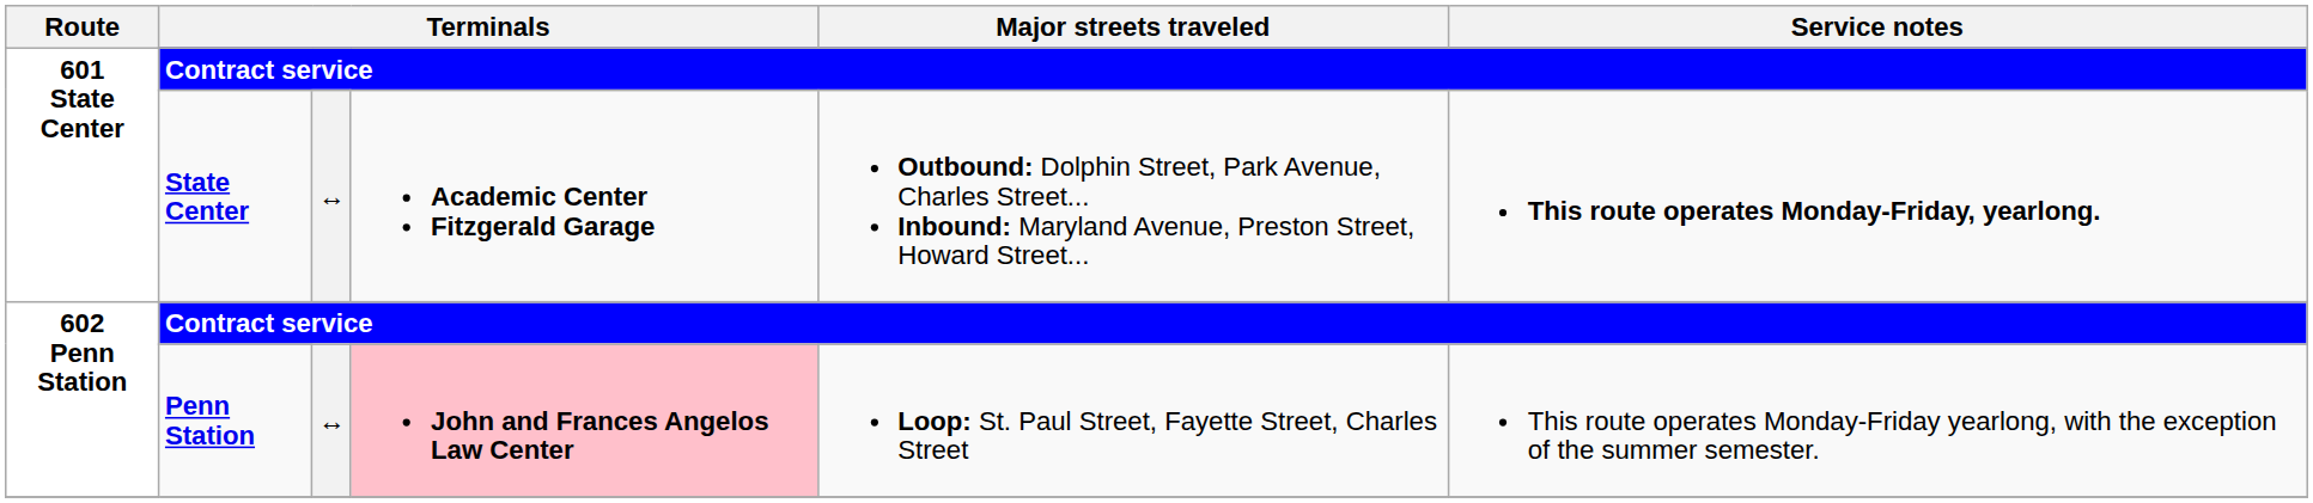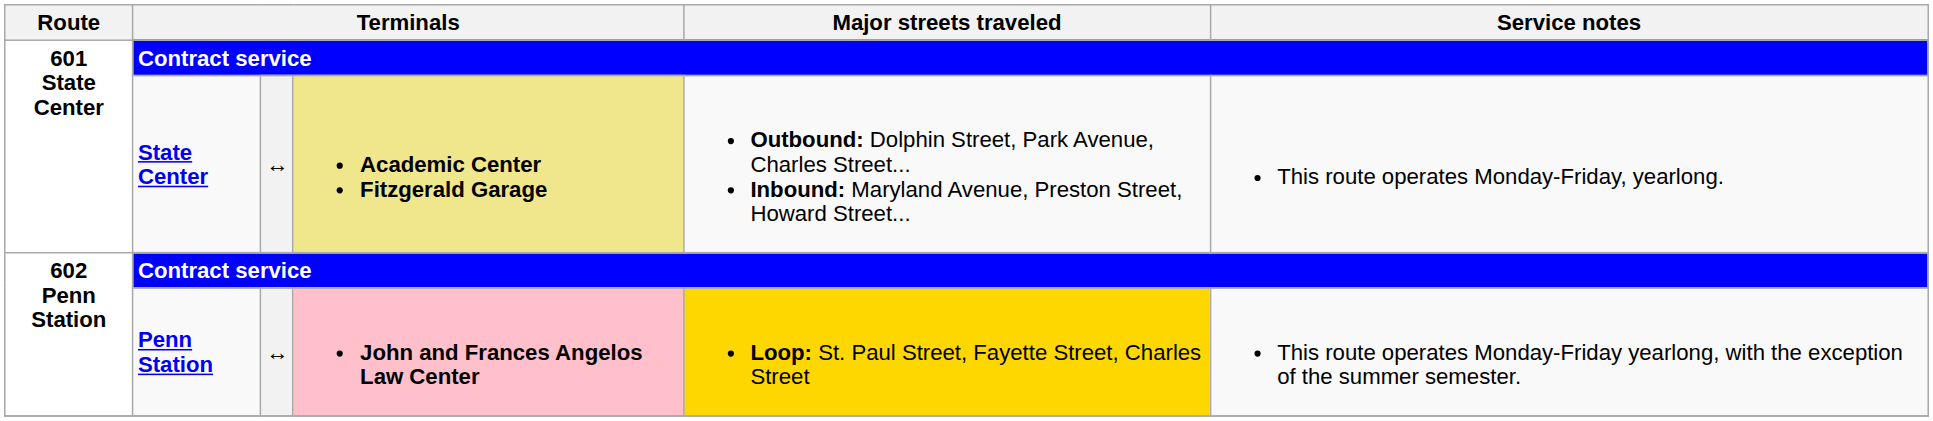 <table class="wikitable collapsible collapsed" style="font-size: 90%;" |>
 <tr>
 <th>Route</th>
 <th colspan=3>Terminals</th>
 <th>Major streets traveled</th>
 <th>Service notes</th>
 </tr>
 <tr>
 <td rowspan=3 style="background:white; color:black" align="center" valign=top><div><strong>601 <br>State Center</strong></div><br></td>
 </tr>
 <tr>
 <td colspan=5 style="background:blue; color:white" align="left"><strong>Contract service</strong></td>
 </tr>
 <tr>
 <td><strong><a href='#'>State Center</a></strong></td>
 <th><span>↔</span></th>
-<td><br><ul><li><strong>Academic Center</strong></li><li><strong>Fitzgerald Garage</strong></li></ul></td>
+<td style="background: khaki;"><br><ul><li><strong>Academic Center</strong></li><li><strong>Fitzgerald Garage</strong></li></ul></td>
 <td><br><ul><li><strong>Outbound:</strong> Dolphin Street, Park Avenue, Charles Street...</li><li><strong>Inbound:</strong> Maryland Avenue, Preston Street, Howard Street...</li></ul></td>
-<td><strong><br><ul><li>This route operates Monday-Friday, yearlong.</li></ul></strong></td>
+<td><br><ul><li>This route operates Monday-Friday, yearlong.</li></ul></td>
 </tr>
 <tr>
 <td rowspan=3 style="background:white; color:black" align="center" valign=top><div><strong>602 <br>Penn Station</strong></div><br></td>
 </tr>
 <tr>
 <td colspan=5 style="background:blue; color:white" align="left"><strong>Contract service</strong></td>
 </tr>
 <tr>
 <td><strong><a href='#'>Penn Station</a></strong></td>
 <th><span>↔</span></th>
 <td style="background: pink;"><br><ul><li><strong>John and Frances Angelos Law Center</strong></li></ul></td>
-<td><br><ul><li><strong>Loop:</strong> St. Paul Street, Fayette Street, Charles Street</li></ul></td>
+<td style="background: gold;"><br><ul><li><strong>Loop:</strong> St. Paul Street, Fayette Street, Charles Street</li></ul></td>
 <td><br><ul><li>This route operates Monday-Friday yearlong, with the exception of the summer semester.</li></ul></td>
 </tr>
 <tr>
 </tr>
 </table>
